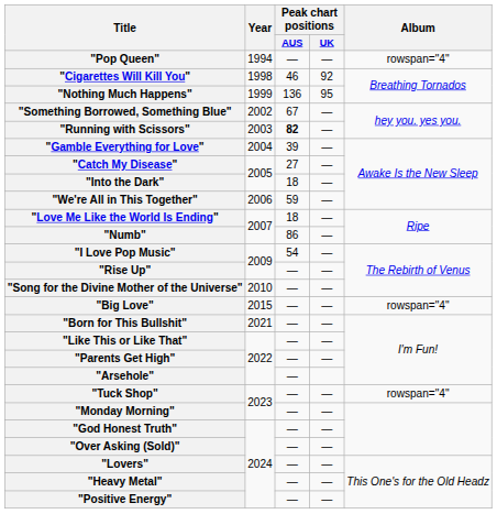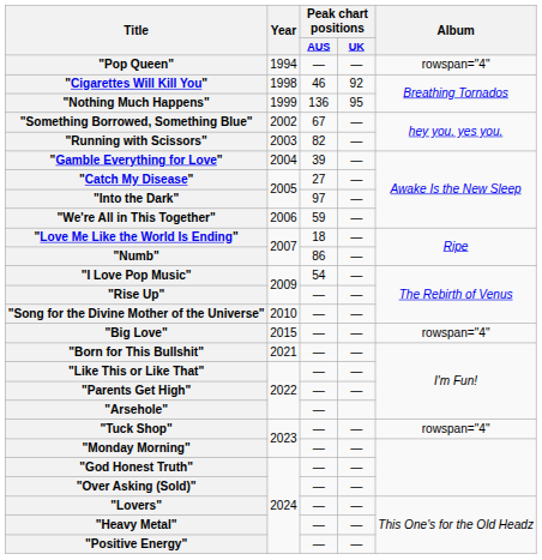 <table class="wikitable plainrowheaders" style="text-align:center">
 <tr>
 <th scope="col" rowspan="2">Title</th>
 <th scope="col" rowspan="2">Year</th>
 <th scope="col" colspan="2">Peak chart positions</th>
 <th scope="col" rowspan="2">Album</th>
 </tr>
 <tr>
 <th scope="col" style="width:3em;font-size:90%;"><a href='#'>AUS</a><br></th>
 <th scope="col" style="width:3em;font-size:90%;"><a href='#'>UK</a><br></th>
 </tr>
 <tr>
 <th scope="row">"Pop Queen"</th>
 <td>1994</td>
 <td>—</td>
 <td>—</td>
 <td>rowspan="4" </td>
 </tr>
 <tr>
 <th scope="row">"<a href='#'>Cigarettes Will Kill You</a>"</th>
 <td>1998</td>
 <td>46</td>
 <td>92</td>
 <td rowspan="2"><em><a href='#'>Breathing Tornados</a></em></td>
 </tr>
 <tr>
 <th scope="row">"Nothing Much Happens"</th>
 <td>1999</td>
 <td>136</td>
 <td>95</td>
 </tr>
 <tr>
 <th scope="row">"Something Borrowed, Something Blue"</th>
 <td>2002</td>
 <td>67</td>
 <td>—</td>
 <td rowspan="2"><em><a href='#'>hey you. yes you.</a></em></td>
 </tr>
 <tr>
 <th scope="row">"Running with Scissors"</th>
 <td>2003</td>
-<td><strong>82</strong></td>
+<td>82</td>
 <td>—</td>
 </tr>
 <tr>
 <th scope="row">"<a href='#'>Gamble Everything for Love</a>"</th>
 <td>2004</td>
 <td>39</td>
 <td>—</td>
 <td rowspan="4"><em><a href='#'>Awake Is the New Sleep</a></em></td>
 </tr>
 <tr>
 <th scope="row">"<a href='#'>Catch My Disease</a>"</th>
 <td rowspan="2">2005</td>
 <td>27</td>
 <td>—</td>
 </tr>
 <tr>
 <th scope="row">"Into the Dark"</th>
-<td>18</td>
+<td>97</td>
 <td>—</td>
 </tr>
 <tr>
 <th scope="row">"We're All in This Together"</th>
 <td>2006</td>
 <td>59</td>
 <td>—</td>
 </tr>
 <tr>
 <th scope="row">"<a href='#'>Love Me Like the World Is Ending</a>"</th>
 <td rowspan="2">2007</td>
 <td>18</td>
 <td>—</td>
 <td rowspan="2"><em><a href='#'>Ripe</a></em></td>
 </tr>
 <tr>
 <th scope="row">"Numb"</th>
 <td>86</td>
 <td>—</td>
 </tr>
 <tr>
 <th scope="row">"I Love Pop Music"</th>
 <td rowspan="2">2009</td>
 <td>54</td>
 <td>—</td>
 <td rowspan="3"><em><a href='#'>The Rebirth of Venus</a></em></td>
 </tr>
 <tr>
 <th scope="row">"Rise Up"</th>
 <td>—</td>
 <td>—</td>
 </tr>
 <tr>
 <th scope="row">"Song for the Divine Mother of the Universe"</th>
 <td>2010</td>
 <td>—</td>
 <td>—</td>
 </tr>
 <tr>
 <th scope="row">"Big Love"</th>
 <td>2015</td>
 <td>—</td>
 <td>—</td>
 <td>rowspan="4" </td>
 </tr>
 <tr>
 <th scope="row">"Born for This Bullshit"</th>
 <td>2021</td>
 <td>—</td>
 <td>—</td>
 <td rowspan="4"><em>I'm Fun!</em></td>
 </tr>
 <tr>
 <th scope="row">"Like This or Like That"</th>
 <td rowspan="3">2022</td>
 <td>—</td>
 <td>—</td>
 </tr>
 <tr>
 <th scope="row">"Parents Get High"</th>
 <td>—</td>
 <td>—</td>
 </tr>
 <tr>
 <th scope="row">"Arsehole"</th>
 <td>—</td>
 </tr>
 <tr>
 <th scope="row">"Tuck Shop"<br></th>
 <td rowspan="2">2023</td>
 <td>—</td>
 <td>—</td>
 <td>rowspan="4" </td>
 </tr>
 <tr>
 <th scope="row">"Monday Morning"<br></th>
 <td>—</td>
 <td>—</td>
 </tr>
 <tr>
 <th scope="row">"God Honest Truth"<br></th>
 <td rowspan="5">2024</td>
 <td>—</td>
 <td>—</td>
 </tr>
 <tr>
 <th scope="row">"Over Asking (Sold)"</th>
 <td>—</td>
 <td>—</td>
 </tr>
 <tr>
 <th scope="row">"Lovers"</th>
 <td>—</td>
 <td>—</td>
 <td rowspan="3"><em>This One's for the Old Headz</em></td>
 </tr>
 <tr>
 <th scope="row">"Heavy Metal"</th>
 <td>—</td>
 <td>—</td>
 </tr>
 <tr>
 <th scope="row">"Positive Energy"</th>
 <td>—</td>
 <td>—</td>
 </tr>
 </table>
